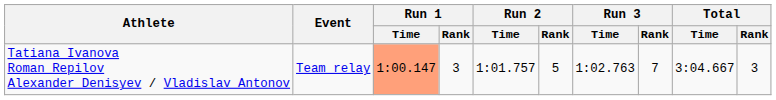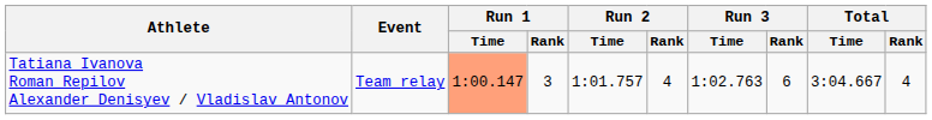 <table class=wikitable style="text-align:center; font-size:90%">
 <tr>
 <th rowspan=2>Athlete</th>
 <th rowspan=2>Event</th>
 <th colspan=2>Run 1</th>
 <th colspan=2>Run 2</th>
 <th colspan=2>Run 3</th>
 <th colspan=2>Total</th>
 </tr>
 <tr style="font-size:95%">
 <th>Time</th>
 <th>Rank</th>
 <th>Time</th>
 <th>Rank</th>
 <th>Time</th>
 <th>Rank</th>
 <th>Time</th>
 <th>Rank</th>
 </tr>
 <tr>
 <td align=left><a href='#'>Tatiana Ivanova</a><br><a href='#'>Roman Repilov</a><br><a href='#'>Alexander Denisyev</a> / <a href='#'>Vladislav Antonov</a></td>
 <td align=left><a href='#'>Team relay</a></td>
 <td style="background: lightsalmon;">1:00.147</td>
 <td>3</td>
 <td>1:01.757</td>
-<td>5</td>
+<td>4</td>
 <td>1:02.763</td>
-<td>7</td>
+<td>6</td>
 <td>3:04.667</td>
-<td>3</td>
+<td>4</td>
 </tr>
 </table>
